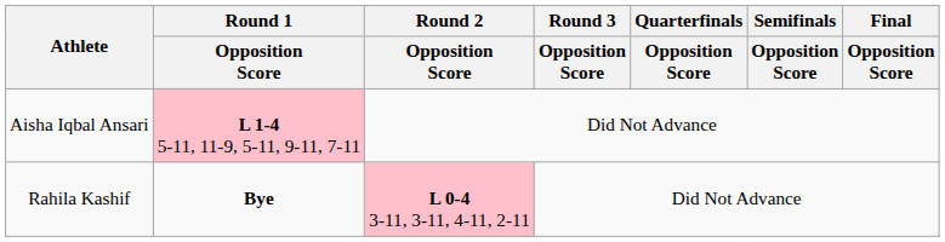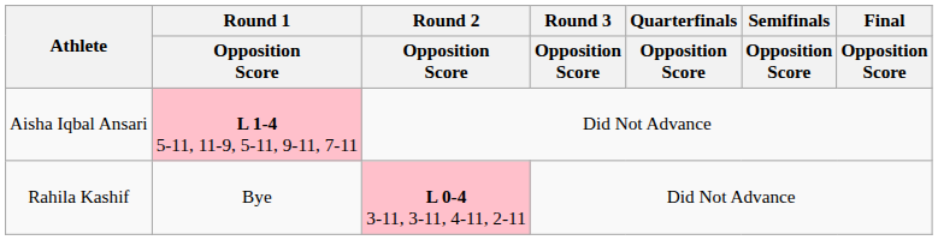 <table class=wikitable style="text-align:center; font-size:90%">
 <tr>
 <th rowspan="2">Athlete</th>
 <th>Round 1</th>
 <th>Round 2</th>
 <th>Round 3</th>
 <th>Quarterfinals</th>
 <th>Semifinals</th>
 <th>Final</th>
 </tr>
 <tr>
 <th>Opposition<br>Score</th>
 <th>Opposition<br>Score</th>
 <th>Opposition<br>Score</th>
 <th>Opposition<br>Score</th>
 <th>Opposition<br>Score</th>
 <th>Opposition<br>Score</th>
 </tr>
 <tr>
 <td>Aisha Iqbal Ansari</td>
 <td style="text-align:center; background:pink;"><br><strong>L 1-4</strong><br>5-11, 11-9, 5-11, 9-11, 7-11</td>
 <td colspan=5>Did Not Advance</td>
 </tr>
 <tr>
 <td>Rahila Kashif</td>
-<td><strong>Bye</strong></td>
+<td>Bye</td>
 <td style="text-align:center; background:pink;"><br><strong>L 0-4</strong><br>3-11, 3-11, 4-11, 2-11</td>
 <td colspan=5>Did Not Advance</td>
 </tr>
 </table>
